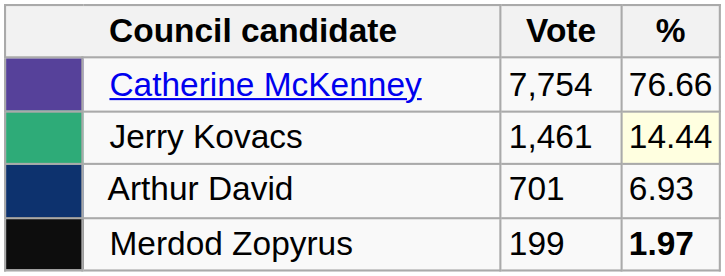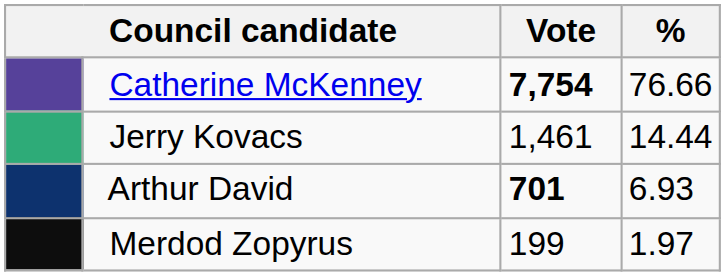 <table class="wikitable">
 <tr>
 <th bgcolor="#DDDDFF" width="230px" colspan="2">Council candidate</th>
 <th bgcolor="#DDDDFF" width="50px">Vote</th>
 <th bgcolor="#DDDDFF" width="30px">%</th>
 </tr>
 <tr>
 <td bgcolor=#56419A width="30px"> </td>
 <td>  <a href='#'>Catherine McKenney</a></td>
-<td>7,754</td>
+<td><strong>7,754</strong></td>
 <td>76.66</td>
 </tr>
 <tr>
 <td bgcolor=#2EAB78 width="30px"> </td>
 <td>  Jerry Kovacs</td>
 <td>1,461</td>
-<td style="background: lightyellow;">14.44</td>
+<td>14.44</td>
 </tr>
 <tr>
 <td bgcolor=#0D326E width="30px"> </td>
 <td>  Arthur David</td>
-<td>701</td>
+<td><strong>701</strong></td>
 <td>6.93</td>
 </tr>
 <tr>
 <td bgcolor=#0D0D0D width="30px"> </td>
 <td>  Merdod Zopyrus</td>
 <td>199</td>
-<td><strong>1.97</strong></td>
+<td>1.97</td>
 </tr>
 </table>
